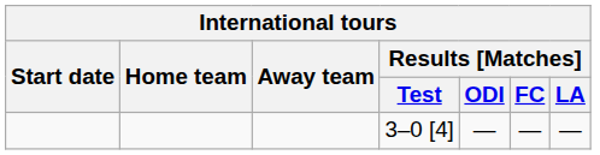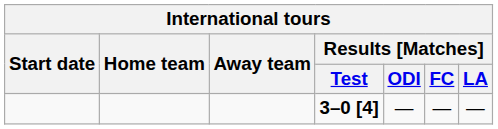 <table class="wikitable">
 <tr>
 <th colspan="7">International tours</th>
 </tr>
 <tr>
 <th rowspan="2">Start date</th>
 <th rowspan="2">Home team</th>
 <th rowspan="2">Away team</th>
 <th colspan="4">Results [Matches]</th>
 </tr>
 <tr>
 <th><a href='#'>Test</a></th>
 <th><a href='#'>ODI</a></th>
 <th><a href='#'>FC</a></th>
 <th><a href='#'>LA</a></th>
 </tr>
 <tr>
 <td><a href='#'></a></td>
 <td></td>
 <td></td>
-<td>3–0 [4]</td>
+<td><strong>3–0 [4]</strong></td>
 <td ; style="text-align:center">—</td>
 <td ; style="text-align:center">—</td>
 <td ; style="text-align:center">—</td>
 </tr>
 </table>
